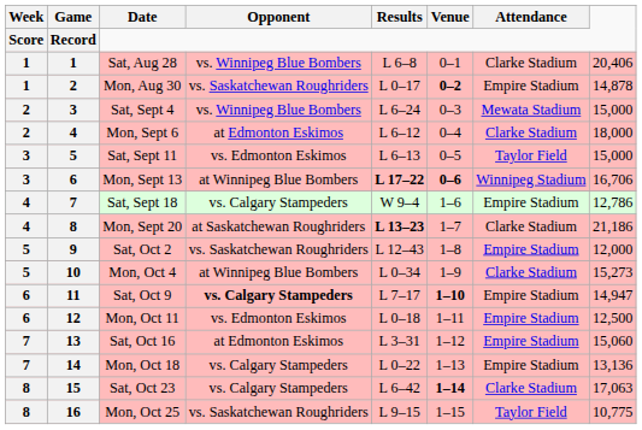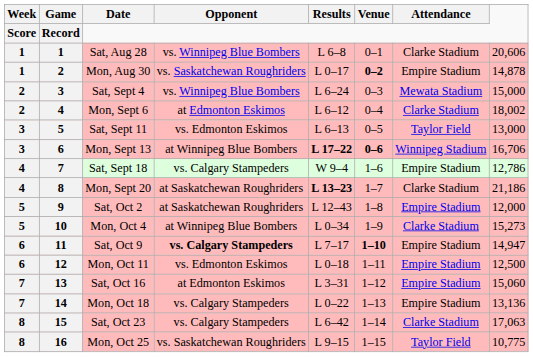 <table class="wikitable" style="text-align:center">
 <tr>
 <th>Week</th>
 <th>Game</th>
 <th>Date</th>
 <th>Opponent</th>
 <th>Results</th>
 <th>Venue</th>
 <th>Attendance</th>
 </tr>
 <tr>
 <th>Score</th>
 <th>Record</th>
 </tr>
 <tr style="background:#ffbbbb">
 <th>1</th>
 <th>1</th>
 <td>Sat, Aug 28</td>
 <td>vs. <a href='#'>Winnipeg Blue Bombers</a></td>
 <td>L 6–8</td>
 <td>0–1</td>
 <td>Clarke Stadium</td>
-<td>20,406</td>
+<td>20,606</td>
 </tr>
 <tr style="background:#ffbbbb">
 <th>1</th>
 <th>2</th>
 <td>Mon, Aug 30</td>
 <td>vs. <a href='#'>Saskatchewan Roughriders</a></td>
 <td>L 0–17</td>
 <td><strong>0–2</strong></td>
 <td>Empire Stadium</td>
 <td>14,878</td>
 </tr>
 <tr style="background:#ffbbbb">
 <th>2</th>
 <th>3</th>
 <td>Sat, Sept 4</td>
 <td>vs. <a href='#'>Winnipeg Blue Bombers</a></td>
 <td>L 6–24</td>
 <td>0–3</td>
 <td><a href='#'>Mewata Stadium</a></td>
 <td>15,000</td>
 </tr>
 <tr style="background:#ffbbbb">
 <th>2</th>
 <th>4</th>
 <td>Mon, Sept 6</td>
 <td>at <a href='#'>Edmonton Eskimos</a></td>
 <td>L 6–12</td>
 <td>0–4</td>
 <td><a href='#'>Clarke Stadium</a></td>
-<td>18,000</td>
+<td>18,002</td>
 </tr>
 <tr style="background:#ffbbbb">
 <th>3</th>
 <th>5</th>
 <td>Sat, Sept 11</td>
 <td>vs. Edmonton Eskimos</td>
 <td>L 6–13</td>
 <td>0–5</td>
 <td><a href='#'>Taylor Field</a></td>
-<td>15,000</td>
+<td>13,000</td>
 </tr>
 <tr style="background:#ffbbbb">
 <th>3</th>
 <th>6</th>
 <td>Mon, Sept 13</td>
 <td>at Winnipeg Blue Bombers</td>
 <td><strong>L 17–22</strong></td>
 <td><strong>0–6</strong></td>
 <td><a href='#'>Winnipeg Stadium</a></td>
 <td>16,706</td>
 </tr>
 <tr style="background:#ddffdd">
 <th>4</th>
 <th>7</th>
 <td>Sat, Sept 18</td>
 <td>vs. Calgary Stampeders</td>
 <td>W 9–4</td>
 <td>1–6</td>
 <td>Empire Stadium</td>
 <td>12,786</td>
 </tr>
 <tr style="background:#ffbbbb">
 <th>4</th>
 <th>8</th>
 <td>Mon, Sept 20</td>
 <td>at Saskatchewan Roughriders</td>
 <td><strong>L 13–23</strong></td>
 <td>1–7</td>
 <td>Clarke Stadium</td>
 <td>21,186</td>
 </tr>
 <tr style="background:#ffbbbb">
 <th>5</th>
 <th>9</th>
 <td>Sat, Oct 2</td>
-<td>vs. Saskatchewan Roughriders</td>
+<td>at Saskatchewan Roughriders</td>
 <td>L 12–43</td>
 <td>1–8</td>
 <td><a href='#'>Empire Stadium</a></td>
 <td>12,000</td>
 </tr>
 <tr style="background:#ffbbbb">
 <th>5</th>
 <th>10</th>
 <td>Mon, Oct 4</td>
 <td>at Winnipeg Blue Bombers</td>
 <td>L 0–34</td>
 <td>1–9</td>
 <td><a href='#'>Clarke Stadium</a></td>
 <td>15,273</td>
 </tr>
 <tr style="background:#ffbbbb">
 <th>6</th>
 <th>11</th>
 <td>Sat, Oct 9</td>
 <td><strong>vs. Calgary Stampeders</strong></td>
 <td>L 7–17</td>
 <td><strong>1–10</strong></td>
 <td>Empire Stadium</td>
 <td>14,947</td>
 </tr>
 <tr style="background:#ffbbbb">
 <th>6</th>
 <th>12</th>
 <td>Mon, Oct 11</td>
 <td>vs. Edmonton Eskimos</td>
 <td>L 0–18</td>
 <td>1–11</td>
 <td><a href='#'>Empire Stadium</a></td>
 <td>12,500</td>
 </tr>
 <tr style="background:#ffbbbb">
 <th>7</th>
 <th>13</th>
 <td>Sat, Oct 16</td>
 <td>at Edmonton Eskimos</td>
 <td>L 3–31</td>
 <td>1–12</td>
 <td><a href='#'>Empire Stadium</a></td>
 <td>15,060</td>
 </tr>
 <tr style="background:#ffbbbb">
 <th>7</th>
 <th>14</th>
 <td>Mon, Oct 18</td>
 <td>vs. Calgary Stampeders</td>
 <td>L 0–22</td>
 <td>1–13</td>
 <td>Empire Stadium</td>
 <td>13,136</td>
 </tr>
 <tr style="background:#ffbbbb">
 <th>8</th>
 <th>15</th>
 <td>Sat, Oct 23</td>
 <td>vs. Calgary Stampeders</td>
 <td>L 6–42</td>
-<td><strong>1–14</strong></td>
+<td>1–14</td>
 <td><a href='#'>Clarke Stadium</a></td>
 <td>17,063</td>
 </tr>
 <tr style="background:#ffbbbb">
 <th>8</th>
 <th>16</th>
 <td>Mon, Oct 25</td>
 <td>vs. Saskatchewan Roughriders</td>
 <td>L 9–15</td>
 <td>1–15</td>
 <td><a href='#'>Taylor Field</a></td>
 <td>10,775</td>
 </tr>
 </table>
